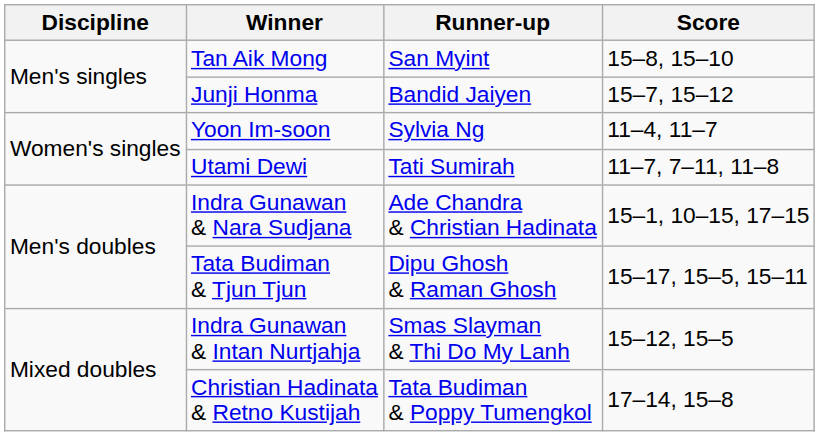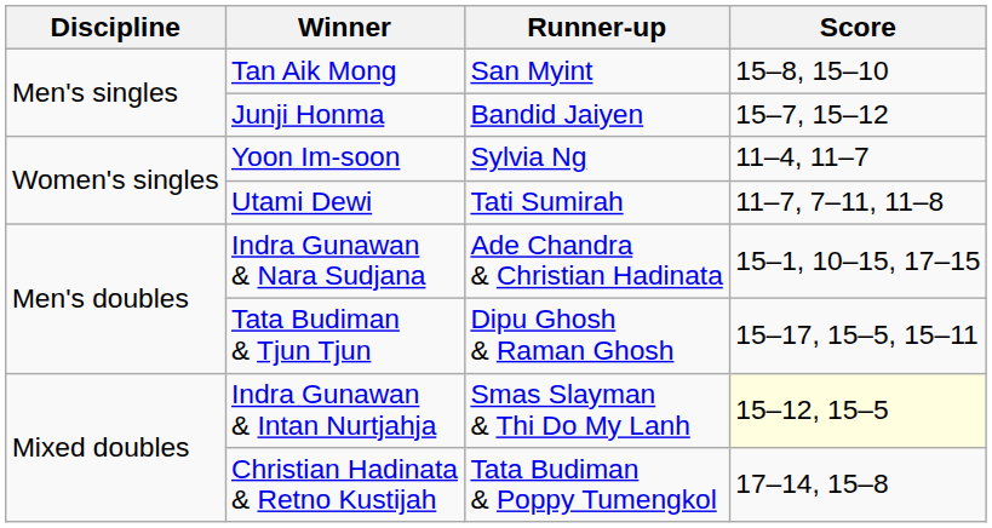 <table class="wikitable">
 <tr>
 <th>Discipline</th>
 <th>Winner</th>
 <th>Runner-up</th>
 <th>Score</th>
 </tr>
 <tr>
 <td rowspan=2>Men's singles</td>
 <td> <a href='#'>Tan Aik Mong</a></td>
 <td> <a href='#'>San Myint</a></td>
 <td>15–8, 15–10</td>
 </tr>
 <tr>
 <td> <a href='#'>Junji Honma</a></td>
 <td> <a href='#'>Bandid Jaiyen</a></td>
 <td>15–7, 15–12</td>
 </tr>
 <tr>
 <td rowspan=2>Women's singles</td>
 <td> <a href='#'>Yoon Im-soon</a></td>
 <td> <a href='#'>Sylvia Ng</a></td>
 <td>11–4, 11–7</td>
 </tr>
 <tr>
 <td> <a href='#'>Utami Dewi</a></td>
 <td> <a href='#'>Tati Sumirah</a></td>
 <td>11–7, 7–11, 11–8</td>
 </tr>
 <tr>
 <td rowspan=2>Men's doubles</td>
 <td> <a href='#'>Indra Gunawan</a> <br> & <a href='#'>Nara Sudjana</a></td>
 <td> <a href='#'>Ade Chandra</a> <br> & <a href='#'>Christian Hadinata</a></td>
 <td>15–1, 10–15, 17–15</td>
 </tr>
 <tr>
 <td> <a href='#'>Tata Budiman</a> <br> & <a href='#'>Tjun Tjun</a></td>
 <td> <a href='#'>Dipu Ghosh</a> <br> & <a href='#'>Raman Ghosh</a></td>
 <td>15–17, 15–5, 15–11</td>
 </tr>
 <tr>
 <td rowspan=2>Mixed doubles</td>
 <td> <a href='#'>Indra Gunawan</a> <br> & <a href='#'>Intan Nurtjahja</a></td>
 <td> <a href='#'>Smas Slayman</a> <br> & <a href='#'>Thi Do My Lanh</a></td>
-<td>15–12, 15–5</td>
+<td style="background: lightyellow;">15–12, 15–5</td>
 </tr>
 <tr>
 <td> <a href='#'>Christian Hadinata</a> <br> & <a href='#'>Retno Kustijah</a></td>
 <td> <a href='#'>Tata Budiman</a> <br> & <a href='#'>Poppy Tumengkol</a></td>
 <td>17–14, 15–8</td>
 </tr>
 </table>
